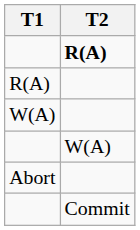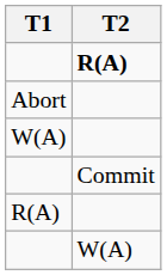 <table class="wikitable">
 <tr>
 <th>T1</th>
 <th>T2</th>
 </tr>
 <tr>
 <td></td>
 <td><strong>R(A)</strong></td>
 </tr>
 <tr>
-<td>R(A)</td>
+<td>Abort</td>
 <td></td>
 </tr>
 <tr>
 <td>W(A)</td>
 <td></td>
 </tr>
 <tr>
 <td></td>
-<td>W(A)</td>
+<td>Commit</td>
 </tr>
 <tr>
-<td>Abort</td>
+<td>R(A)</td>
 <td></td>
 </tr>
 <tr>
 <td></td>
-<td>Commit</td>
+<td>W(A)</td>
 </tr>
 </table>
